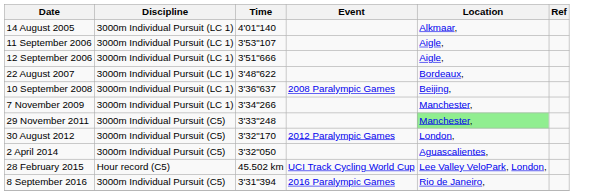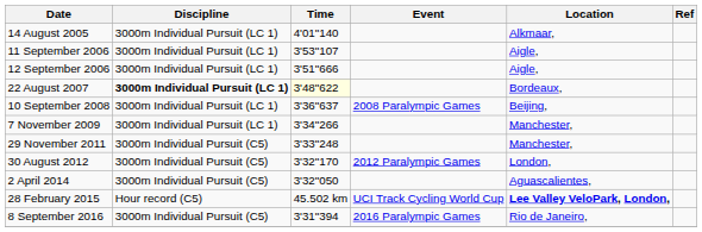 <table class="wikitable">
 <tr>
 <th>Date</th>
 <th>Discipline</th>
 <th>Time</th>
 <th>Event</th>
 <th>Location</th>
 <th>Ref</th>
 </tr>
 <tr>
 <td>14 August 2005</td>
 <td>3000m Individual Pursuit (LC 1)</td>
 <td>4'01"140</td>
 <td></td>
 <td><a href='#'>Alkmaar</a>, </td>
 <td></td>
 </tr>
 <tr>
 <td>11 September 2006</td>
 <td>3000m Individual Pursuit (LC 1)</td>
 <td>3'53"107</td>
 <td></td>
 <td><a href='#'>Aigle</a>, </td>
 <td></td>
 </tr>
 <tr>
 <td>12 September 2006</td>
 <td>3000m Individual Pursuit (LC 1)</td>
 <td>3'51"666</td>
 <td></td>
 <td><a href='#'>Aigle</a>, </td>
 <td></td>
 </tr>
 <tr>
 <td>22 August 2007</td>
-<td>3000m Individual Pursuit (LC 1)</td>
-<td>3'48"622</td>
+<td><strong>3000m Individual Pursuit (LC 1)</strong></td>
+<td style="background: lightyellow;">3'48"622</td>
 <td></td>
 <td><a href='#'>Bordeaux</a>, </td>
 <td></td>
 </tr>
 <tr>
 <td>10 September 2008</td>
 <td>3000m Individual Pursuit (LC 1)</td>
 <td>3'36"637</td>
 <td><a href='#'>2008 Paralympic Games</a></td>
 <td><a href='#'>Beijing</a>, </td>
 <td></td>
 </tr>
 <tr>
 <td>7 November 2009</td>
 <td>3000m Individual Pursuit (LC 1)</td>
 <td>3'34"266</td>
 <td></td>
 <td><a href='#'>Manchester</a>, </td>
 <td></td>
 </tr>
 <tr>
 <td>29 November 2011</td>
 <td>3000m Individual Pursuit (C5)</td>
 <td>3'33"248</td>
 <td></td>
-<td style="background: lightgreen;"><a href='#'>Manchester</a>, </td>
+<td><a href='#'>Manchester</a>, </td>
 <td></td>
 </tr>
 <tr>
 <td>30 August 2012</td>
 <td>3000m Individual Pursuit (C5)</td>
 <td>3'32"170</td>
 <td><a href='#'>2012 Paralympic Games</a></td>
 <td><a href='#'>London</a>, </td>
 <td></td>
 </tr>
 <tr>
 <td>2 April 2014</td>
 <td>3000m Individual Pursuit (C5)</td>
 <td>3'32"050</td>
 <td></td>
 <td><a href='#'>Aguascalientes</a>, </td>
 <td></td>
 </tr>
 <tr>
 <td>28 February 2015</td>
 <td>Hour record (C5)</td>
 <td>45.502 km</td>
 <td><a href='#'>UCI Track Cycling World Cup</a></td>
-<td><a href='#'>Lee Valley VeloPark</a>, <a href='#'>London</a>, </td>
+<td><strong><a href='#'>Lee Valley VeloPark</a>, <a href='#'>London</a>, </strong></td>
 <td></td>
 </tr>
 <tr>
 <td>8 September 2016</td>
 <td>3000m Individual Pursuit (C5)</td>
 <td>3'31"394</td>
 <td><a href='#'>2016 Paralympic Games</a></td>
 <td><a href='#'>Rio de Janeiro</a>, </td>
 <td></td>
 </tr>
 <tr>
 </tr>
 </table>
